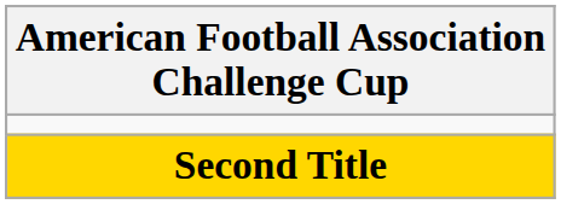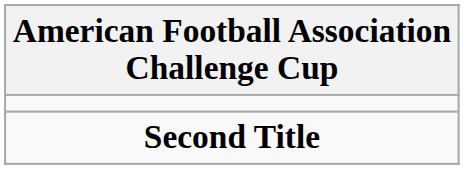 <table class="wikitable" style="text-align: center;" style="margin-left: auto; margin-right: auto; border: none;">
 <tr>
 <th width=>American Football Association<br> Challenge Cup</th>
 </tr>
 <tr>
 <td align=Center></td>
 </tr>
 <tr>
-<td align=Center style="background: gold;"><strong>Second Title</strong></td>
+<td align=Center><strong>Second Title</strong></td>
 </tr>
 </table>
